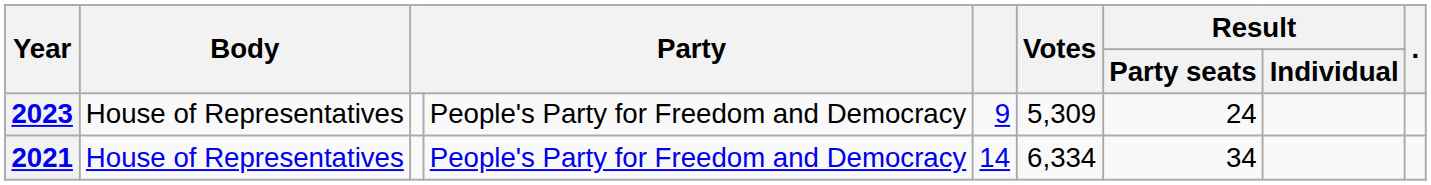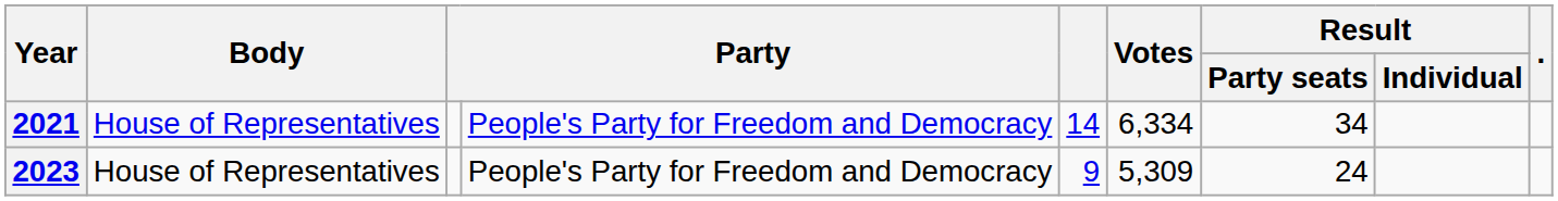 <table class="wikitable plainrowheaders sortable" border=2 cellpadding=4 cellspacing=0 style="border: 1px #aaa solid; font-size: 90%; text-align:center;">
 <tr>
 <th scope="col" rowspan=2>Year</th>
 <th scope="col" rowspan=2>Body</th>
 <th scope="col" colspan=2 rowspan=2>Party</th>
 <th scope="col" rowspan=2></th>
 <th scope="col" rowspan=2>Votes</th>
 <th scope="colgroup" colspan=2>Result</th>
 <th scope="col" rowspan=2 class="unsortable">.</th>
 </tr>
 <tr>
 <th scope="col">Party seats</th>
 <th scope="col">Individual</th>
 </tr>
 <tr>
+<th scope="row"><a href='#'>2021</a></th>
+<td><a href='#'>House of Representatives</a></td>
+<td style="background-color:"></td>
+<td><a href='#'>People's Party for Freedom and Democracy</a></td>
+<td style=text-align:right><a href='#'>14</a></td>
+<td style=text-align:right>6,334</td>
+<td style=text-align:right>34</td>
+<td></td>
+<td></td>
+</tr>
+<tr>
 <th scope="row"><a href='#'>2023</a></th>
 <td>House of Representatives</td>
 <td style="background-color:"></td>
 <td>People's Party for Freedom and Democracy</td>
 <td style=text-align:right><a href='#'>9</a></td>
 <td style=text-align:right>5,309</td>
 <td style=text-align:right>24</td>
 <td></td>
 <td></td>
 </tr>
-<tr>
-<th scope="row"><a href='#'>2021</a></th>
-<td><a href='#'>House of Representatives</a></td>
-<td style="background-color:"></td>
-<td><a href='#'>People's Party for Freedom and Democracy</a></td>
-<td style=text-align:right><a href='#'>14</a></td>
-<td style=text-align:right>6,334</td>
-<td style=text-align:right>34</td>
-<td></td>
-<td></td>
-</tr>
 </table>
